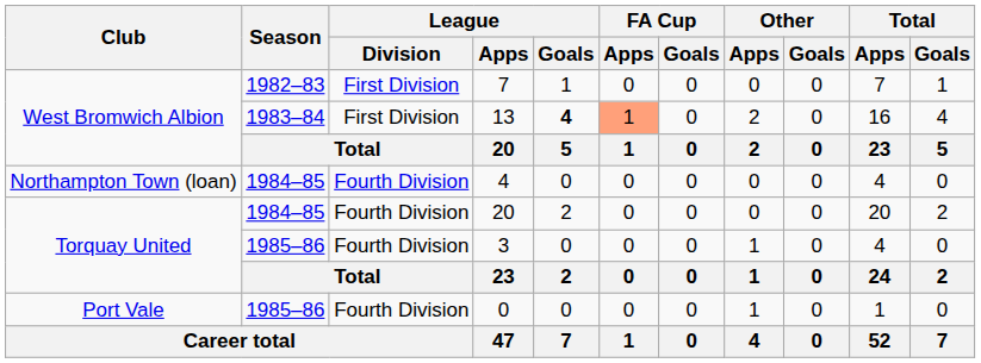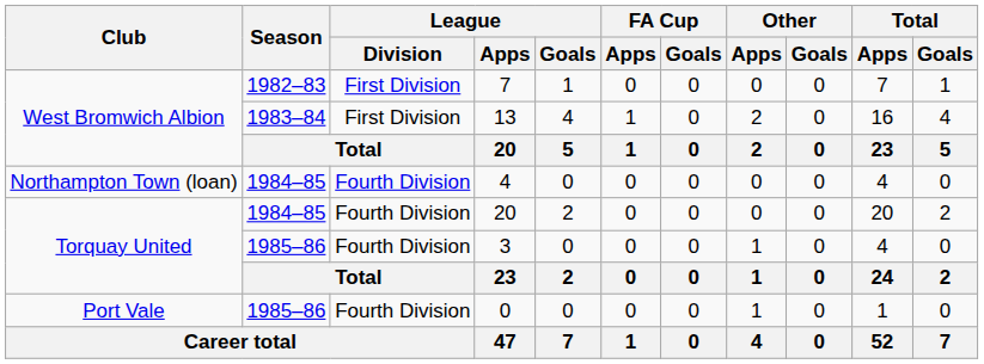 <table class="wikitable" style="text-align: center;">
 <tr>
 <th rowspan="2">Club</th>
 <th rowspan="2">Season</th>
 <th colspan="3">League</th>
 <th colspan="2">FA Cup</th>
 <th colspan="2">Other</th>
 <th colspan="2">Total</th>
 </tr>
 <tr>
 <th>Division</th>
 <th>Apps</th>
 <th>Goals</th>
 <th>Apps</th>
 <th>Goals</th>
 <th>Apps</th>
 <th>Goals</th>
 <th>Apps</th>
 <th>Goals</th>
 </tr>
 <tr>
 <td rowspan="3"><a href='#'>West Bromwich Albion</a></td>
 <td><a href='#'>1982–83</a></td>
 <td><a href='#'>First Division</a></td>
 <td>7</td>
 <td>1</td>
 <td>0</td>
 <td>0</td>
 <td>0</td>
 <td>0</td>
 <td>7</td>
 <td>1</td>
 </tr>
 <tr>
 <td><a href='#'>1983–84</a></td>
 <td>First Division</td>
 <td>13</td>
-<td><strong>4</strong></td>
-<td style="background: lightsalmon;">1</td>
+<td>4</td>
+<td>1</td>
 <td>0</td>
 <td>2</td>
 <td>0</td>
 <td>16</td>
 <td>4</td>
 </tr>
 <tr>
 <th colspan="2">Total</th>
 <th>20</th>
 <th>5</th>
 <th>1</th>
 <th>0</th>
 <th>2</th>
 <th>0</th>
 <th>23</th>
 <th>5</th>
 </tr>
 <tr>
 <td><a href='#'>Northampton Town</a> (loan)</td>
 <td><a href='#'>1984–85</a></td>
 <td><a href='#'>Fourth Division</a></td>
 <td>4</td>
 <td>0</td>
 <td>0</td>
 <td>0</td>
 <td>0</td>
 <td>0</td>
 <td>4</td>
 <td>0</td>
 </tr>
 <tr>
 <td rowspan="3"><a href='#'>Torquay United</a></td>
 <td><a href='#'>1984–85</a></td>
 <td>Fourth Division</td>
 <td>20</td>
 <td>2</td>
 <td>0</td>
 <td>0</td>
 <td>0</td>
 <td>0</td>
 <td>20</td>
 <td>2</td>
 </tr>
 <tr>
 <td><a href='#'>1985–86</a></td>
 <td>Fourth Division</td>
 <td>3</td>
 <td>0</td>
 <td>0</td>
 <td>0</td>
 <td>1</td>
 <td>0</td>
 <td>4</td>
 <td>0</td>
 </tr>
 <tr>
 <th colspan="2">Total</th>
 <th>23</th>
 <th>2</th>
 <th>0</th>
 <th>0</th>
 <th>1</th>
 <th>0</th>
 <th>24</th>
 <th>2</th>
 </tr>
 <tr>
 <td><a href='#'>Port Vale</a></td>
 <td><a href='#'>1985–86</a></td>
 <td>Fourth Division</td>
 <td>0</td>
 <td>0</td>
 <td>0</td>
 <td>0</td>
 <td>1</td>
 <td>0</td>
 <td>1</td>
 <td>0</td>
 </tr>
 <tr>
 <th colspan="3">Career total</th>
 <th>47</th>
 <th>7</th>
 <th>1</th>
 <th>0</th>
 <th>4</th>
 <th>0</th>
 <th>52</th>
 <th>7</th>
 </tr>
 </table>
